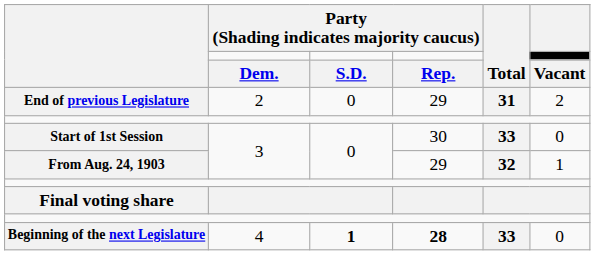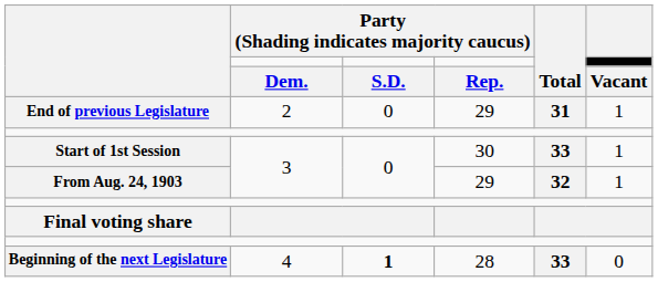 <table class=wikitable style="text-align:center">
 <tr style="vertical-align:bottom;">
 <th rowspan=3></th>
 <th colspan=3>Party <div>(Shading indicates majority caucus)</div></th>
 <th rowspan=3>Total</th>
 <th></th>
 </tr>
 <tr style="height:5px">
 <td style="background-color:"></td>
 <td style="background-color:"></td>
 <td style="background-color:"></td>
 <td style="background:black;"></td>
 </tr>
 <tr>
 <th><a href='#'>Dem.</a></th>
 <th><a href='#'>S.D.</a></th>
 <th><a href='#'>Rep.</a></th>
 <th>Vacant</th>
 </tr>
 <tr>
 <th style="font-size:80%;">End of <a href='#'>previous Legislature</a></th>
 <td>2</td>
 <td>0</td>
 <td>29</td>
 <th>31</th>
-<td>2</td>
+<td>1</td>
 </tr>
 <tr>
 <td colspan=6></td>
 </tr>
 <tr>
 <th style="font-size:80%;">Start of 1st Session</th>
 <td rowspan="2">3</td>
 <td rowspan="2">0</td>
 <td>30</td>
 <th>33</th>
-<td>0</td>
+<td>1</td>
 </tr>
 <tr>
 <th style="font-size:80%;">From Aug. 24, 1903</th>
 <td>29</td>
 <th>32</th>
 <td>1</td>
 </tr>
 <tr>
 <td colspan=6></td>
 </tr>
 <tr>
 <th>Final voting share</th>
 <th colspan=2></th>
 <th></th>
 <th colspan=2></th>
 </tr>
 <tr>
 <td colspan=6></td>
 </tr>
 <tr>
 <th style="font-size:80%;">Beginning of the <a href='#'>next Legislature</a></th>
 <td>4</td>
 <td><strong>1</strong></td>
-<td><strong>28</strong></td>
+<td>28</td>
 <th>33</th>
 <td>0</td>
 </tr>
 </table>
